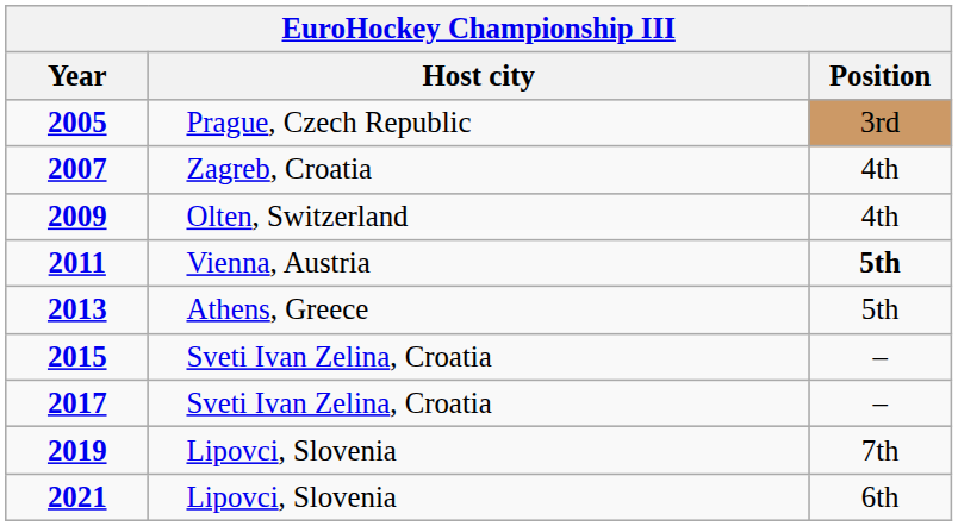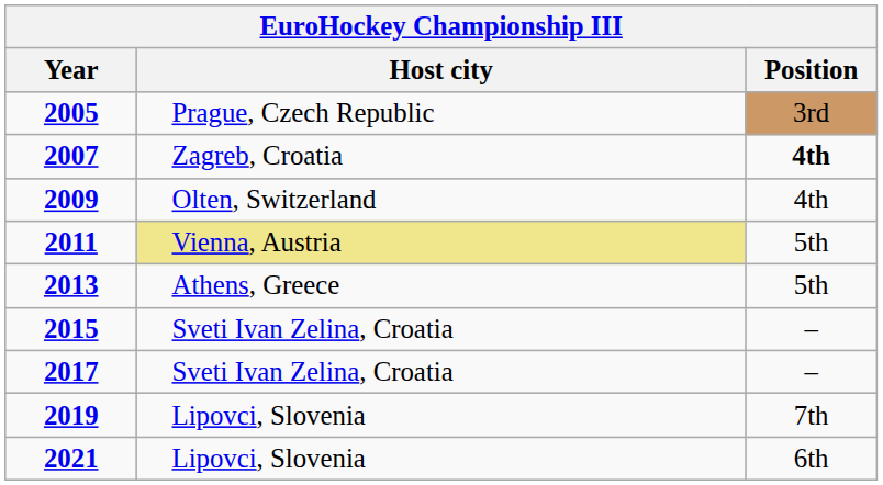 <table class="wikitable" style="text-align: center;">
 <tr>
 <th colspan=3 style="background-color: ;"><a href='#'>EuroHockey Championship III</a></th>
 </tr>
 <tr>
 <th style="width: 70px;">Year</th>
 <th style="width: 350px;">Host city</th>
 <th style="width: 70px;">Position</th>
 </tr>
 <tr>
 <td><strong><a href='#'>2005</a></strong></td>
 <td style="text-align: left; padding-left: 20px;"> <a href='#'>Prague</a>, Czech Republic</td>
 <td style="background-color: #cc9966">3rd</td>
 </tr>
 <tr>
 <td><strong><a href='#'>2007</a></strong></td>
 <td style="text-align: left; padding-left: 20px;"> <a href='#'>Zagreb</a>, Croatia</td>
-<td>4th</td>
+<td><strong>4th</strong></td>
 </tr>
 <tr>
 <td><strong><a href='#'>2009</a></strong></td>
 <td style="text-align: left; padding-left: 20px;"> <a href='#'>Olten</a>, Switzerland</td>
 <td>4th</td>
 </tr>
 <tr>
 <td><strong><a href='#'>2011</a></strong></td>
-<td style="text-align: left; padding-left: 20px;"> <a href='#'>Vienna</a>, Austria</td>
-<td><strong>5th</strong></td>
+<td style="background: khaki; text-align: left; padding-left: 20px;"> <a href='#'>Vienna</a>, Austria</td>
+<td>5th</td>
 </tr>
 <tr>
 <td><strong><a href='#'>2013</a></strong></td>
 <td style="text-align: left; padding-left: 20px;"> <a href='#'>Athens</a>, Greece</td>
 <td>5th</td>
 </tr>
 <tr>
 <td><strong><a href='#'>2015</a></strong></td>
 <td style="text-align: left; padding-left: 20px;"> <a href='#'>Sveti Ivan Zelina</a>, Croatia</td>
 <td>–</td>
 </tr>
 <tr>
 <td><strong><a href='#'>2017</a></strong></td>
 <td style="text-align: left; padding-left: 20px;"> <a href='#'>Sveti Ivan Zelina</a>, Croatia</td>
 <td>–</td>
 </tr>
 <tr>
 <td><strong><a href='#'>2019</a></strong></td>
 <td style="text-align: left; padding-left: 20px;"> <a href='#'>Lipovci</a>, Slovenia</td>
 <td>7th</td>
 </tr>
 <tr>
 <td><strong><a href='#'>2021</a></strong></td>
 <td style="text-align: left; padding-left: 20px;"> <a href='#'>Lipovci</a>, Slovenia</td>
 <td>6th</td>
 </tr>
 </table>
